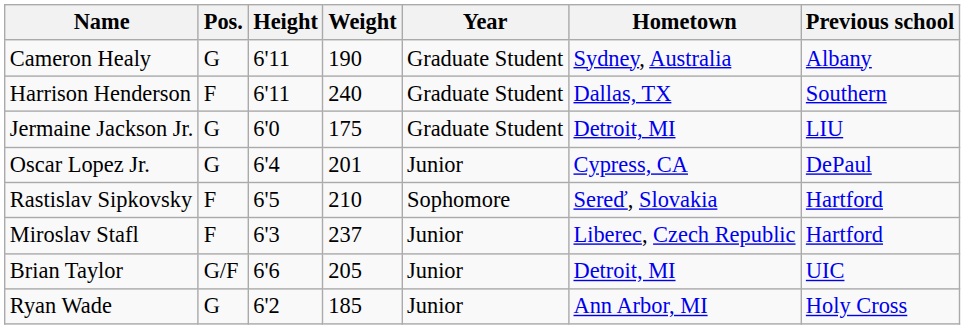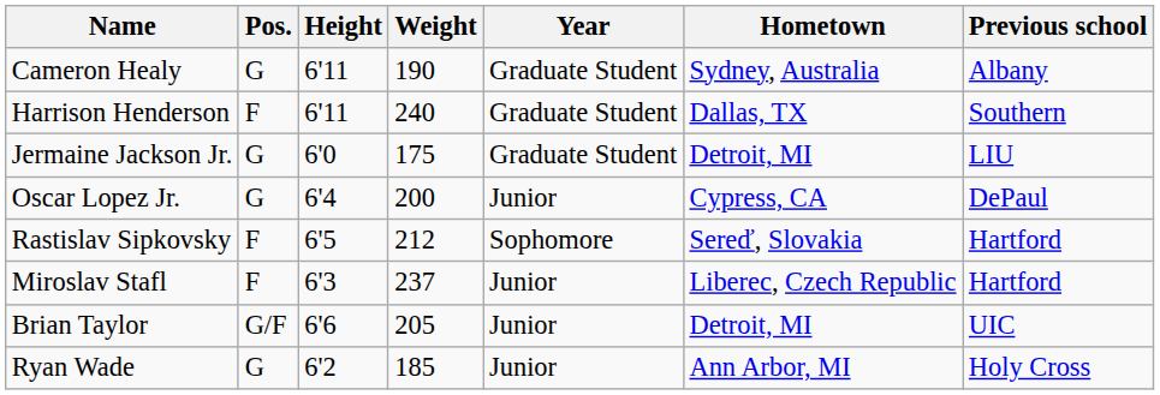 <table class="wikitable sortable" border="1">
 <tr align=center>
 <th>Name</th>
 <th>Pos.</th>
 <th>Height</th>
 <th>Weight</th>
 <th>Year</th>
 <th>Hometown</th>
 <th>Previous school</th>
 </tr>
 <tr>
 <td>Cameron Healy</td>
 <td>G</td>
 <td>6'11</td>
 <td>190</td>
 <td>Graduate Student</td>
 <td><a href='#'>Sydney</a>, <a href='#'>Australia</a></td>
 <td><a href='#'>Albany</a></td>
 </tr>
 <tr>
 <td>Harrison Henderson</td>
 <td>F</td>
 <td>6'11</td>
 <td>240</td>
 <td>Graduate Student</td>
 <td><a href='#'>Dallas, TX</a></td>
 <td><a href='#'>Southern</a></td>
 </tr>
 <tr>
 <td>Jermaine Jackson Jr.</td>
 <td>G</td>
 <td>6'0</td>
 <td>175</td>
 <td>Graduate Student</td>
 <td><a href='#'>Detroit, MI</a></td>
 <td><a href='#'>LIU</a></td>
 </tr>
 <tr>
 <td>Oscar Lopez Jr.</td>
 <td>G</td>
 <td>6'4</td>
-<td>201</td>
+<td>200</td>
 <td>Junior</td>
 <td><a href='#'>Cypress, CA</a></td>
 <td><a href='#'>DePaul</a></td>
 </tr>
 <tr>
 <td>Rastislav Sipkovsky</td>
 <td>F</td>
 <td>6'5</td>
-<td>210</td>
+<td>212</td>
 <td>Sophomore</td>
 <td><a href='#'>Sereď</a>, <a href='#'>Slovakia</a></td>
 <td><a href='#'>Hartford</a></td>
 </tr>
 <tr>
 <td>Miroslav Stafl</td>
 <td>F</td>
 <td>6'3</td>
 <td>237</td>
 <td>Junior</td>
 <td><a href='#'>Liberec</a>, <a href='#'>Czech Republic</a></td>
 <td><a href='#'>Hartford</a></td>
 </tr>
 <tr>
 <td>Brian Taylor</td>
 <td>G/F</td>
 <td>6'6</td>
 <td>205</td>
 <td>Junior</td>
 <td><a href='#'>Detroit, MI</a></td>
 <td><a href='#'>UIC</a></td>
 </tr>
 <tr>
 <td>Ryan Wade</td>
 <td>G</td>
 <td>6'2</td>
 <td>185</td>
 <td>Junior</td>
 <td><a href='#'>Ann Arbor, MI</a></td>
 <td><a href='#'>Holy Cross</a></td>
 </tr>
 </table>
